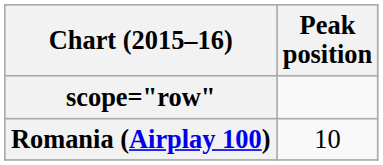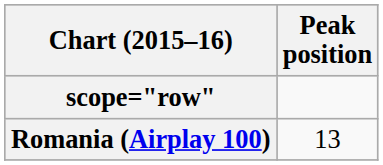 <table class="wikitable sortable plainrowheaders">
 <tr>
 <th scope="col">Chart (2015–16)</th>
 <th scope="col">Peak<br>position</th>
 </tr>
 <tr>
 <th>scope="row" </th>
 </tr>
 <tr>
 <th scope="row">Romania (<a href='#'>Airplay 100</a>)</th>
-<td align=center>10</td>
+<td align=center>13</td>
 </tr>
 </table>
